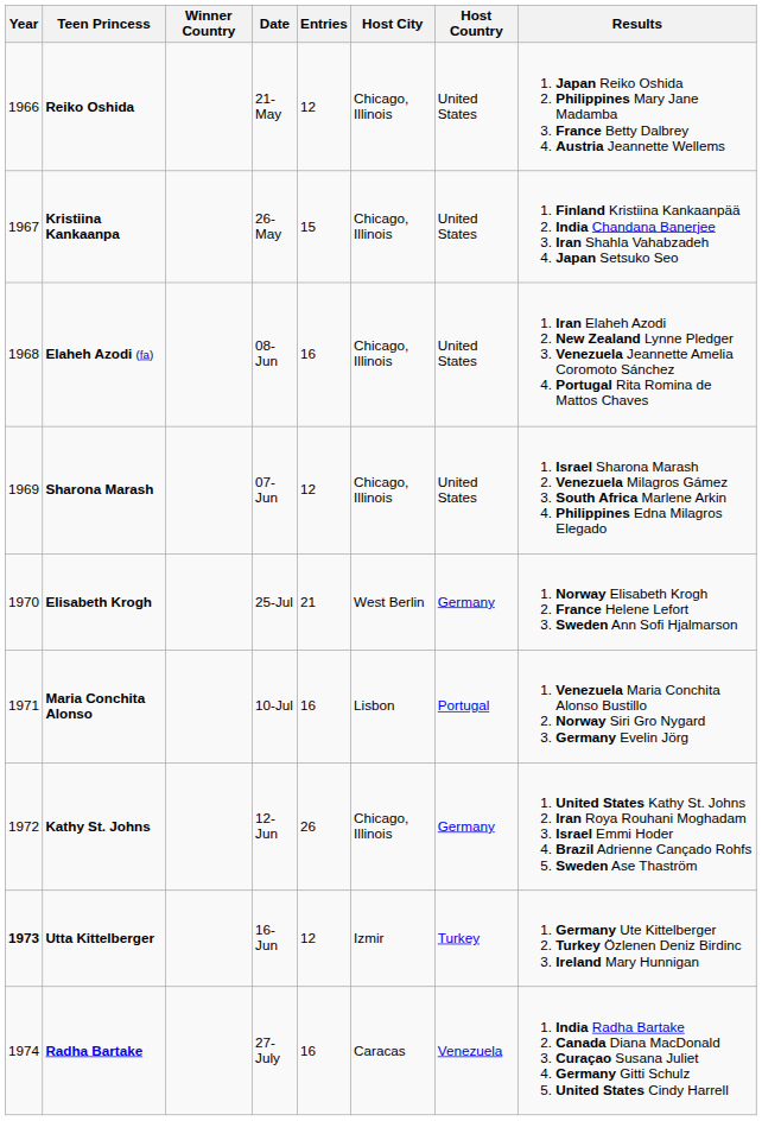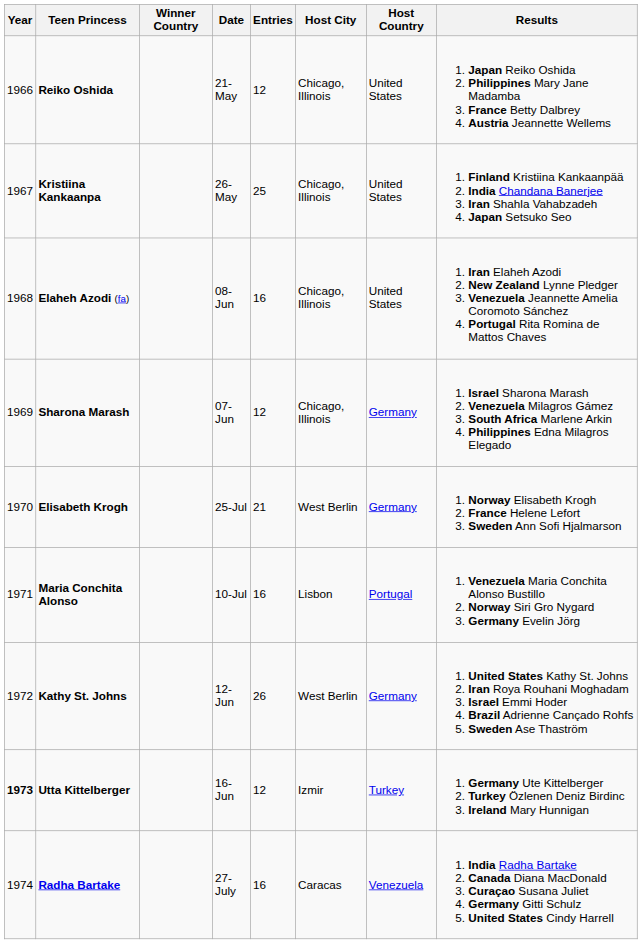 <table class="wikitable">
 <tr>
 <th>Year</th>
 <th>Teen Princess</th>
 <th>Winner Country</th>
 <th>Date</th>
 <th>Entries</th>
 <th>Host City</th>
 <th>Host Country</th>
 <th>Results</th>
 </tr>
 <tr>
 <td>1966</td>
 <td><strong>Reiko Oshida</strong></td>
 <td></td>
 <td>21-May</td>
 <td>12</td>
 <td>Chicago, Illinois</td>
 <td>United States</td>
 <td><br><ol><li><strong>Japan</strong> Reiko Oshida</li><li><strong>Philippines</strong> Mary Jane Madamba</li><li><strong>France</strong> Betty Dalbrey</li><li><strong>Austria</strong> Jeannette Wellems</li></ol></td>
 </tr>
 <tr>
 <td>1967</td>
 <td><strong>Kristiina Kankaanpa</strong></td>
 <td></td>
 <td>26-May</td>
-<td>15</td>
+<td>25</td>
 <td>Chicago, Illinois</td>
 <td>United States</td>
 <td><br><ol><li><strong>Finland</strong> Kristiina Kankaanpää</li><li><strong>India</strong> <a href='#'>Chandana Banerjee</a></li><li><strong>Iran</strong> Shahla Vahabzadeh</li><li><strong>Japan</strong> Setsuko Seo</li></ol></td>
 </tr>
 <tr>
 <td>1968</td>
 <td><strong>Elaheh Azodi</strong> <small>(<a href='#'>fa</a>)</small></td>
 <td></td>
 <td>08-Jun</td>
 <td>16</td>
 <td>Chicago, Illinois</td>
 <td>United States</td>
 <td><br><ol><li><strong>Iran</strong> Elaheh Azodi</li><li><strong>New Zealand</strong> Lynne Pledger</li><li><strong>Venezuela</strong> Jeannette Amelia Coromoto Sánchez</li><li><strong>Portugal</strong> Rita Romina de Mattos Chaves</li></ol></td>
 </tr>
 <tr>
 <td>1969</td>
 <td><strong>Sharona Marash</strong></td>
 <td></td>
 <td>07-Jun</td>
 <td>12</td>
 <td>Chicago, Illinois</td>
-<td>United States</td>
+<td><a href='#'>Germany</a></td>
 <td><br><ol><li><strong>Israel</strong> Sharona Marash</li><li><strong>Venezuela</strong> Milagros Gámez</li><li><strong>South Africa</strong> Marlene Arkin</li><li><strong>Philippines</strong> Edna Milagros Elegado</li></ol></td>
 </tr>
 <tr>
 <td>1970</td>
 <td><strong>Elisabeth Krogh</strong></td>
 <td></td>
 <td>25-Jul</td>
 <td>21</td>
 <td>West Berlin</td>
 <td><a href='#'>Germany</a></td>
 <td><br><ol><li><strong>Norway</strong> Elisabeth Krogh</li><li><strong>France</strong> Helene Lefort</li><li><strong>Sweden</strong> Ann Sofi Hjalmarson</li></ol></td>
 </tr>
 <tr>
 <td>1971</td>
 <td><strong>Maria Conchita Alonso</strong></td>
 <td></td>
 <td>10-Jul</td>
 <td>16</td>
 <td>Lisbon</td>
 <td><a href='#'>Portugal</a></td>
 <td><br><ol><li><strong>Venezuela</strong> Maria Conchita Alonso Bustillo</li><li><strong>Norway</strong> Siri Gro Nygard</li><li><strong>Germany</strong> Evelin Jörg</li></ol></td>
 </tr>
 <tr>
 <td>1972</td>
 <td><strong> Kathy St. Johns</strong></td>
 <td></td>
 <td>12-Jun</td>
 <td>26</td>
-<td>Chicago, Illinois</td>
+<td>West Berlin</td>
 <td><a href='#'>Germany</a></td>
 <td><br><ol><li><strong>United States</strong> Kathy St. Johns</li><li><strong>Iran</strong> Roya Rouhani Moghadam</li><li><strong>Israel</strong> Emmi Hoder</li><li><strong>Brazil</strong> Adrienne Cançado Rohfs</li><li><strong>Sweden</strong> Ase Thaström</li></ol></td>
 </tr>
 <tr>
 <td><strong>1973</strong></td>
 <td><strong>Utta Kittelberger</strong></td>
 <td></td>
 <td>16-Jun</td>
 <td>12</td>
 <td>Izmir</td>
 <td><a href='#'>Turkey</a></td>
 <td><br><ol><li><strong>Germany</strong> Ute Kittelberger</li><li><strong>Turkey</strong> Özlenen Deniz Birdinc</li><li><strong>Ireland</strong> Mary Hunnigan</li></ol></td>
 </tr>
 <tr>
 <td>1974</td>
 <td><strong> <a href='#'>Radha Bartake</a> </strong></td>
 <td></td>
 <td>27-July</td>
 <td>16</td>
 <td>Caracas</td>
 <td><a href='#'>Venezuela</a></td>
 <td><br><ol><li><strong>India</strong> <a href='#'>Radha Bartake</a></li><li><strong>Canada</strong> Diana MacDonald</li><li><strong>Curaçao</strong> Susana Juliet</li><li><strong>Germany</strong> Gitti Schulz</li><li><strong>United States</strong> Cindy Harrell</li></ol></td>
 </tr>
 </table>
